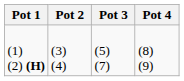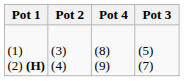 <table class="wikitable">
 <tr>
 <th width=25%>Pot 1</th>
 <th width=25%>Pot 2</th>
+<th width=25%>Pot 4</th>
 <th width=25%>Pot 3</th>
-<th width=25%>Pot 4</th>
 </tr>
 <tr>
 <td><br> (1) <br>  (2) <strong>(H)</strong></td>
 <td><br> (3) <br>  (4)</td>
+<td><br> (8) <br>  (9)</td>
 <td><br> (5) <br>  (7)</td>
-<td><br> (8) <br>  (9)</td>
 </tr>
 </table>
